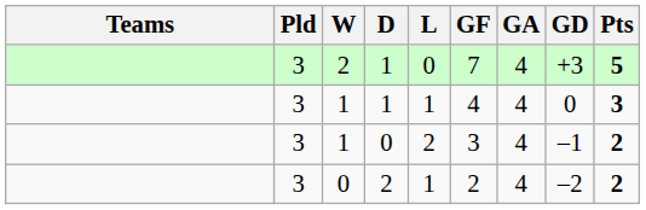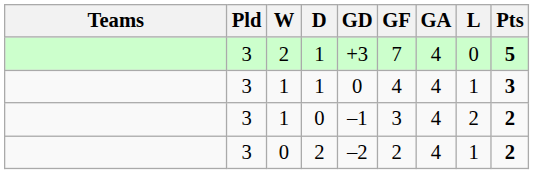 <table class="wikitable" style="text-align: center;">
 <tr>
 <th width=165>Teams</th>
 <th width=20>Pld</th>
 <th width=20>W</th>
 <th width=20>D</th>
-<th width=20>L</th>
+<th width=20>GD</th>
 <th width=20>GF</th>
 <th width=20>GA</th>
-<th width=20>GD</th>
+<th width=20>L</th>
 <th width=20>Pts</th>
 </tr>
 <tr align=center style="background:#ccffcc;">
 <td style="text-align:left;"></td>
 <td>3</td>
 <td>2</td>
 <td>1</td>
-<td>0</td>
+<td>+3</td>
 <td>7</td>
 <td>4</td>
-<td>+3</td>
+<td>0</td>
 <td><strong>5</strong></td>
 </tr>
 <tr align=center>
 <td style="text-align:left;"></td>
 <td>3</td>
 <td>1</td>
 <td>1</td>
-<td>1</td>
+<td>0</td>
 <td>4</td>
 <td>4</td>
-<td>0</td>
+<td>1</td>
 <td><strong>3</strong></td>
 </tr>
 <tr align=center>
 <td style="text-align:left;"></td>
 <td>3</td>
 <td>1</td>
 <td>0</td>
-<td>2</td>
+<td>–1</td>
 <td>3</td>
 <td>4</td>
-<td>–1</td>
+<td>2</td>
 <td><strong>2</strong></td>
 </tr>
 <tr align=center>
 <td style="text-align:left;"></td>
 <td>3</td>
 <td>0</td>
 <td>2</td>
-<td>1</td>
+<td>–2</td>
 <td>2</td>
 <td>4</td>
-<td>–2</td>
+<td>1</td>
 <td><strong>2</strong></td>
 </tr>
 </table>
